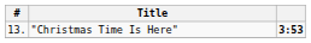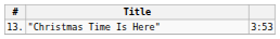 <table class="wikitable">
 <tr>
 <th>#</th>
 <th width="310">Title</th>
 <th></th>
 </tr>
 <tr>
 <td>13.</td>
 <td>"Christmas Time Is Here"</td>
-<td><strong>3:53</strong></td>
+<td>3:53</td>
 </tr>
 <tr>
 </tr>
 </table>
